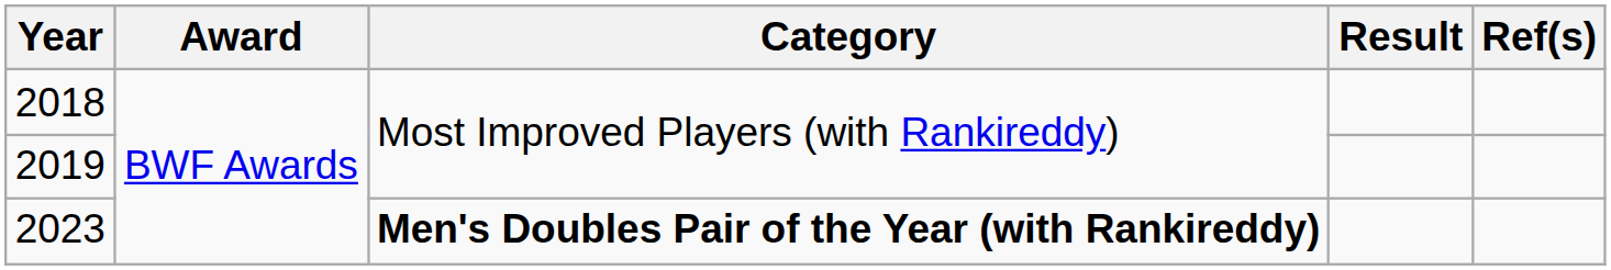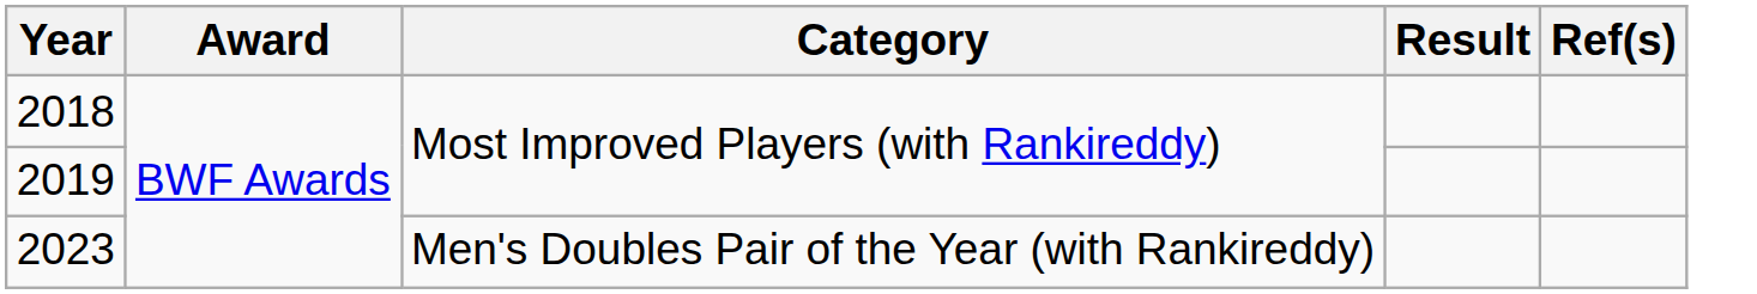 <table class="wikitable plainrowheaders sortable">
 <tr>
 <th scope="col">Year</th>
 <th scope="col">Award</th>
 <th scope="col">Category</th>
 <th scope="col">Result</th>
 <th scope="col">Ref(s)</th>
 </tr>
 <tr>
 <td>2018</td>
 <td rowspan=3><a href='#'>BWF Awards</a></td>
 <td rowspan=2>Most Improved Players (with <a href='#'>Rankireddy</a>)</td>
 <td></td>
 <td></td>
 </tr>
 <tr>
 <td>2019</td>
 <td></td>
 <td></td>
 </tr>
 <tr>
 <td>2023</td>
-<td><strong>Men's Doubles Pair of the Year (with Rankireddy)</strong></td>
+<td>Men's Doubles Pair of the Year (with Rankireddy)</td>
 <td></td>
 <td></td>
 </tr>
 </table>
